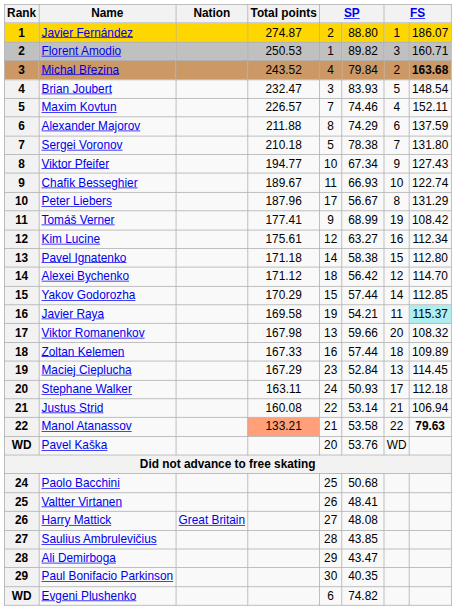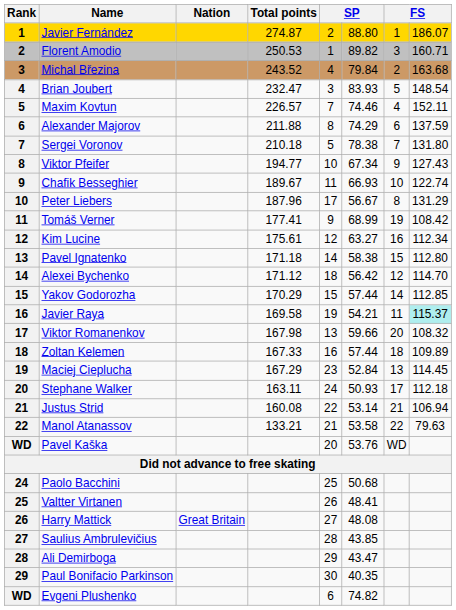 <table class="wikitable sortable">
 <tr>
 <th>Rank</th>
 <th>Name</th>
 <th>Nation</th>
 <th>Total points</th>
 <th colspan="2" width="80px"><a href='#'>SP</a></th>
 <th colspan="2" width="80px"><a href='#'>FS</a></th>
 </tr>
 <tr bgcolor="gold">
 <td align="center"><strong>1</strong></td>
 <td><a href='#'>Javier Fernández</a></td>
 <td></td>
 <td align="center">274.87</td>
 <td align="center">2</td>
 <td align="center">88.80</td>
 <td align="center">1</td>
 <td align="center">186.07</td>
 </tr>
 <tr bgcolor="silver">
 <td align="center"><strong>2</strong></td>
 <td><a href='#'>Florent Amodio</a></td>
 <td></td>
 <td align="center">250.53</td>
 <td align="center">1</td>
 <td align="center">89.82</td>
 <td align="center">3</td>
 <td align="center">160.71</td>
 </tr>
 <tr bgcolor="cc9966">
 <td align="center"><strong>3</strong></td>
 <td><a href='#'>Michal Březina</a></td>
 <td></td>
 <td align="center">243.52</td>
 <td align="center">4</td>
 <td align="center">79.84</td>
 <td align="center">2</td>
-<td align="center"><strong>163.68</strong></td>
+<td align="center">163.68</td>
 </tr>
 <tr>
 <th>4</th>
 <td><a href='#'>Brian Joubert</a></td>
 <td></td>
 <td align="center">232.47</td>
 <td align="center">3</td>
 <td align="center">83.93</td>
 <td align="center">5</td>
 <td align="center">148.54</td>
 </tr>
 <tr>
 <th>5</th>
 <td><a href='#'>Maxim Kovtun</a></td>
 <td></td>
 <td align="center">226.57</td>
 <td align="center">7</td>
 <td align="center">74.46</td>
 <td align="center">4</td>
 <td align="center">152.11</td>
 </tr>
 <tr>
 <th>6</th>
 <td><a href='#'>Alexander Majorov</a></td>
 <td></td>
 <td align="center">211.88</td>
 <td align="center">8</td>
 <td align="center">74.29</td>
 <td align="center">6</td>
 <td align="center">137.59</td>
 </tr>
 <tr>
 <th>7</th>
 <td><a href='#'>Sergei Voronov</a></td>
 <td></td>
 <td align="center">210.18</td>
 <td align="center">5</td>
 <td align="center">78.38</td>
 <td align="center">7</td>
 <td align="center">131.80</td>
 </tr>
 <tr>
 <th>8</th>
 <td><a href='#'>Viktor Pfeifer</a></td>
 <td></td>
 <td align="center">194.77</td>
 <td align="center">10</td>
 <td align="center">67.34</td>
 <td align="center">9</td>
 <td align="center">127.43</td>
 </tr>
 <tr>
 <th>9</th>
 <td><a href='#'>Chafik Besseghier</a></td>
 <td></td>
 <td align="center">189.67</td>
 <td align="center">11</td>
 <td align="center">66.93</td>
 <td align="center">10</td>
 <td align="center">122.74</td>
 </tr>
 <tr>
 <th>10</th>
 <td><a href='#'>Peter Liebers</a></td>
 <td></td>
 <td align="center">187.96</td>
 <td align="center">17</td>
 <td align="center">56.67</td>
 <td align="center">8</td>
 <td align="center">131.29</td>
 </tr>
 <tr>
 <th>11</th>
 <td><a href='#'>Tomáš Verner</a></td>
 <td></td>
 <td align="center">177.41</td>
 <td align="center">9</td>
 <td align="center">68.99</td>
 <td align="center">19</td>
 <td align="center">108.42</td>
 </tr>
 <tr>
 <th>12</th>
 <td><a href='#'>Kim Lucine</a></td>
 <td></td>
 <td align="center">175.61</td>
 <td align="center">12</td>
 <td align="center">63.27</td>
 <td align="center">16</td>
 <td align="center">112.34</td>
 </tr>
 <tr>
 <th>13</th>
 <td><a href='#'>Pavel Ignatenko</a></td>
 <td></td>
 <td align="center">171.18</td>
 <td align="center">14</td>
 <td align="center">58.38</td>
 <td align="center">15</td>
 <td align="center">112.80</td>
 </tr>
 <tr>
 <th>14</th>
 <td><a href='#'>Alexei Bychenko</a></td>
 <td></td>
 <td align="center">171.12</td>
 <td align="center">18</td>
 <td align="center">56.42</td>
 <td align="center">12</td>
 <td align="center">114.70</td>
 </tr>
 <tr>
 <th>15</th>
 <td><a href='#'>Yakov Godorozha</a></td>
 <td></td>
 <td align="center">170.29</td>
 <td align="center">15</td>
 <td align="center">57.44</td>
 <td align="center">14</td>
 <td align="center">112.85</td>
 </tr>
 <tr>
 <th>16</th>
 <td><a href='#'>Javier Raya</a></td>
 <td></td>
 <td align="center">169.58</td>
 <td align="center">19</td>
 <td align="center">54.21</td>
 <td align="center">11</td>
 <td align="center" style="background: paleturquoise;">115.37</td>
 </tr>
 <tr>
 <th>17</th>
 <td><a href='#'>Viktor Romanenkov</a></td>
 <td></td>
 <td align="center">167.98</td>
 <td align="center">13</td>
 <td align="center">59.66</td>
 <td align="center">20</td>
 <td align="center">108.32</td>
 </tr>
 <tr>
 <th>18</th>
 <td><a href='#'>Zoltan Kelemen</a></td>
 <td></td>
 <td align="center">167.33</td>
 <td align="center">16</td>
 <td align="center">57.44</td>
 <td align="center">18</td>
 <td align="center">109.89</td>
 </tr>
 <tr>
 <th>19</th>
 <td><a href='#'>Maciej Cieplucha</a></td>
 <td></td>
 <td align="center">167.29</td>
 <td align="center">23</td>
 <td align="center">52.84</td>
 <td align="center">13</td>
 <td align="center">114.45</td>
 </tr>
 <tr>
 <th>20</th>
 <td><a href='#'>Stephane Walker</a></td>
 <td></td>
 <td align="center">163.11</td>
 <td align="center">24</td>
 <td align="center">50.93</td>
 <td align="center">17</td>
 <td align="center">112.18</td>
 </tr>
 <tr>
 <th>21</th>
 <td><a href='#'>Justus Strid</a></td>
 <td></td>
 <td align="center">160.08</td>
 <td align="center">22</td>
 <td align="center">53.14</td>
 <td align="center">21</td>
 <td align="center">106.94</td>
 </tr>
 <tr>
 <th>22</th>
 <td><a href='#'>Manol Atanassov</a></td>
 <td></td>
-<td align="center" style="background: lightsalmon;">133.21</td>
+<td align="center">133.21</td>
 <td align="center">21</td>
 <td align="center">53.58</td>
 <td align="center">22</td>
-<td align="center"><strong>79.63</strong></td>
+<td align="center">79.63</td>
 </tr>
 <tr>
 <th>WD</th>
 <td><a href='#'>Pavel Kaška</a></td>
 <td></td>
 <td align="center"></td>
 <td align="center">20</td>
 <td align="center">53.76</td>
 <td align="center">WD</td>
 <td align="center"></td>
 </tr>
 <tr>
 <th colspan=8>Did not advance to free skating</th>
 </tr>
 <tr>
 <th>24</th>
 <td><a href='#'>Paolo Bacchini</a></td>
 <td></td>
 <td align="center"></td>
 <td align="center">25</td>
 <td align="center">50.68</td>
 <td align="center"></td>
 <td align="center"></td>
 </tr>
 <tr>
 <th>25</th>
 <td><a href='#'>Valtter Virtanen</a></td>
 <td></td>
 <td align="center"></td>
 <td align="center">26</td>
 <td align="center">48.41</td>
 <td align="center"></td>
 <td align="center"></td>
 </tr>
 <tr>
 <th>26</th>
 <td><a href='#'>Harry Mattick</a></td>
 <td> <a href='#'>Great Britain</a></td>
 <td align="center"></td>
 <td align="center">27</td>
 <td align="center">48.08</td>
 <td align="center"></td>
 <td align="center"></td>
 </tr>
 <tr>
 <th>27</th>
 <td><a href='#'>Saulius Ambrulevičius</a></td>
 <td></td>
 <td align="center"></td>
 <td align="center">28</td>
 <td align="center">43.85</td>
 <td align="center"></td>
 <td align="center"></td>
 </tr>
 <tr>
 <th>28</th>
 <td><a href='#'>Ali Demirboga</a></td>
 <td></td>
 <td align="center"></td>
 <td align="center">29</td>
 <td align="center">43.47</td>
 <td align="center"></td>
 <td align="center"></td>
 </tr>
 <tr>
 <th>29</th>
 <td><a href='#'>Paul Bonifacio Parkinson</a></td>
 <td></td>
 <td align="center"></td>
 <td align="center">30</td>
 <td align="center">40.35</td>
 <td align="center"></td>
 <td align="center"></td>
 </tr>
 <tr>
 <th>WD</th>
 <td><a href='#'>Evgeni Plushenko</a></td>
 <td></td>
 <td align="center"></td>
 <td align="center">6</td>
 <td align="center">74.82</td>
 <td align="center"></td>
 <td align="center"></td>
 </tr>
 </table>
